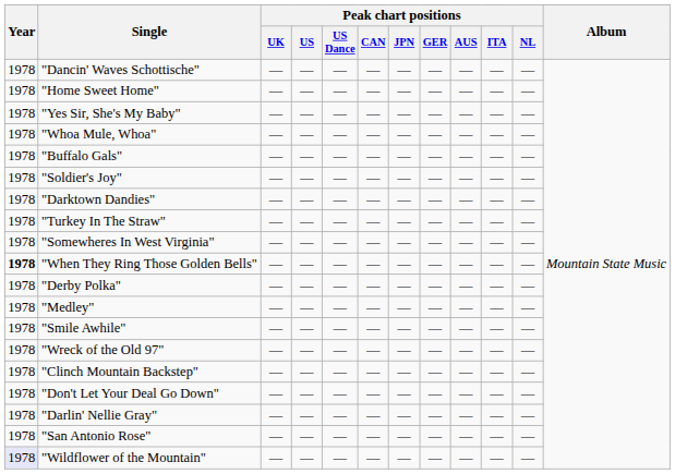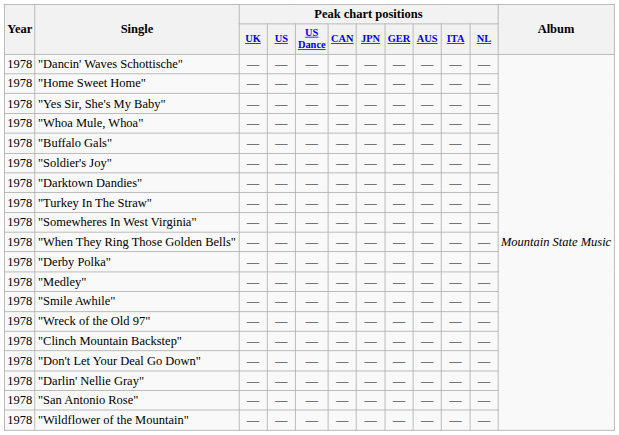 <table class="wikitable" style="text-align:center;">
 <tr>
 <th rowspan="2">Year</th>
 <th rowspan="2">Single</th>
 <th colspan="9">Peak chart positions</th>
 <th rowspan="2">Album</th>
 </tr>
 <tr style="font-size:smaller;">
 <th width="30"><a href='#'>UK</a></th>
 <th width="30"><a href='#'>US</a></th>
 <th width="30"><a href='#'>US Dance</a></th>
 <th width="30"><a href='#'>CAN</a></th>
 <th width="30"><a href='#'>JPN</a></th>
 <th width="30"><a href='#'>GER</a></th>
 <th width="30"><a href='#'>AUS</a></th>
 <th width="30"><a href='#'>ITA</a></th>
 <th width="30"><a href='#'>NL</a></th>
 </tr>
 <tr>
 <td>1978</td>
 <td align="left">"Dancin' Waves Schottische"</td>
 <td>—</td>
 <td>—</td>
 <td>—</td>
 <td>—</td>
 <td>—</td>
 <td>—</td>
 <td>—</td>
 <td>—</td>
 <td>—</td>
 <td align="left" rowspan="19"><em>Mountain State Music</em></td>
 </tr>
 <tr>
 <td>1978</td>
 <td align="left">"Home Sweet Home"</td>
 <td>—</td>
 <td>—</td>
 <td>—</td>
 <td>—</td>
 <td>—</td>
 <td>—</td>
 <td>—</td>
 <td>—</td>
 <td>—</td>
 </tr>
 <tr>
 <td>1978</td>
 <td align="left">"Yes Sir, She's My Baby"</td>
 <td>—</td>
 <td>—</td>
 <td>—</td>
 <td>—</td>
 <td>—</td>
 <td>—</td>
 <td>—</td>
 <td>—</td>
 <td>—</td>
 </tr>
 <tr>
 <td>1978</td>
 <td align="left">"Whoa Mule, Whoa"</td>
 <td>—</td>
 <td>—</td>
 <td>—</td>
 <td>—</td>
 <td>—</td>
 <td>—</td>
 <td>—</td>
 <td>—</td>
 <td>—</td>
 </tr>
 <tr>
 <td>1978</td>
 <td align="left">"Buffalo Gals"</td>
 <td>—</td>
 <td>—</td>
 <td>—</td>
 <td>—</td>
 <td>—</td>
 <td>—</td>
 <td>—</td>
 <td>—</td>
 <td>—</td>
 </tr>
 <tr>
 <td>1978</td>
 <td align="left">"Soldier's Joy"</td>
 <td>—</td>
 <td>—</td>
 <td>—</td>
 <td>—</td>
 <td>—</td>
 <td>—</td>
 <td>—</td>
 <td>—</td>
 <td>—</td>
 </tr>
 <tr>
 <td>1978</td>
 <td align="left">"Darktown Dandies"</td>
 <td>—</td>
 <td>—</td>
 <td>—</td>
 <td>—</td>
 <td>—</td>
 <td>—</td>
 <td>—</td>
 <td>—</td>
 <td>—</td>
 </tr>
 <tr>
 <td>1978</td>
 <td align="left">"Turkey In The Straw"</td>
 <td>—</td>
 <td>—</td>
 <td>—</td>
 <td>—</td>
 <td>—</td>
 <td>—</td>
 <td>—</td>
 <td>—</td>
 <td>—</td>
 </tr>
 <tr>
 <td>1978</td>
 <td align="left">"Somewheres In West Virginia"</td>
 <td>—</td>
 <td>—</td>
 <td>—</td>
 <td>—</td>
 <td>—</td>
 <td>—</td>
 <td>—</td>
 <td>—</td>
 <td>—</td>
 </tr>
 <tr>
-<td><strong>1978</strong></td>
+<td>1978</td>
 <td align="left">"When They Ring Those Golden Bells"</td>
 <td>—</td>
 <td>—</td>
 <td>—</td>
 <td>—</td>
 <td>—</td>
 <td>—</td>
 <td>—</td>
 <td>—</td>
 <td>—</td>
 </tr>
 <tr>
 <td>1978</td>
 <td align="left">"Derby Polka"</td>
 <td>—</td>
 <td>—</td>
 <td>—</td>
 <td>—</td>
 <td>—</td>
 <td>—</td>
 <td>—</td>
 <td>—</td>
 <td>—</td>
 </tr>
 <tr>
 <td>1978</td>
 <td align="left">"Medley"</td>
 <td>—</td>
 <td>—</td>
 <td>—</td>
 <td>—</td>
 <td>—</td>
 <td>—</td>
 <td>—</td>
 <td>—</td>
 <td>—</td>
 </tr>
 <tr>
 <td>1978</td>
 <td align="left">"Smile Awhile"</td>
 <td>—</td>
 <td>—</td>
 <td>—</td>
 <td>—</td>
 <td>—</td>
 <td>—</td>
 <td>—</td>
 <td>—</td>
 <td>—</td>
 </tr>
 <tr>
 <td>1978</td>
 <td align="left">"Wreck of the Old 97"</td>
 <td>—</td>
 <td>—</td>
 <td>—</td>
 <td>—</td>
 <td>—</td>
 <td>—</td>
 <td>—</td>
 <td>—</td>
 <td>—</td>
 </tr>
 <tr>
 <td>1978</td>
 <td align="left">"Clinch Mountain Backstep"</td>
 <td>—</td>
 <td>—</td>
 <td>—</td>
 <td>—</td>
 <td>—</td>
 <td>—</td>
 <td>—</td>
 <td>—</td>
 <td>—</td>
 </tr>
 <tr>
 <td>1978</td>
 <td align="left">"Don't Let Your Deal Go Down"</td>
 <td>—</td>
 <td>—</td>
 <td>—</td>
 <td>—</td>
 <td>—</td>
 <td>—</td>
 <td>—</td>
 <td>—</td>
 <td>—</td>
 </tr>
 <tr>
 <td>1978</td>
 <td align="left">"Darlin' Nellie Gray"</td>
 <td>—</td>
 <td>—</td>
 <td>—</td>
 <td>—</td>
 <td>—</td>
 <td>—</td>
 <td>—</td>
 <td>—</td>
 <td>—</td>
 </tr>
 <tr>
 <td>1978</td>
 <td align="left">"San Antonio Rose"</td>
 <td>—</td>
 <td>—</td>
 <td>—</td>
 <td>—</td>
 <td>—</td>
 <td>—</td>
 <td>—</td>
 <td>—</td>
 <td>—</td>
 </tr>
 <tr>
-<td style="background: lavender;">1978</td>
+<td>1978</td>
 <td align="left">"Wildflower of the Mountain"</td>
 <td>—</td>
 <td>—</td>
 <td>—</td>
 <td>—</td>
 <td>—</td>
 <td>—</td>
 <td>—</td>
 <td>—</td>
 <td>—</td>
 </tr>
 </table>
